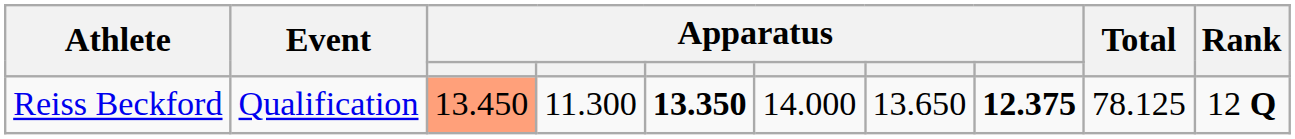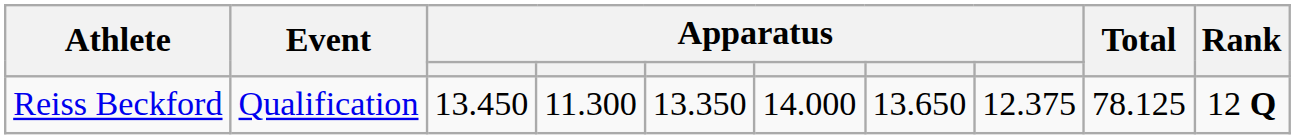 <table class="wikitable" style="font-size:90%">
 <tr>
 <th rowspan=2>Athlete</th>
 <th rowspan=2>Event</th>
 <th colspan=6>Apparatus</th>
 <th rowspan=2>Total</th>
 <th rowspan=2>Rank</th>
 </tr>
 <tr style="font-size:95%">
 <th></th>
 <th></th>
 <th></th>
 <th></th>
 <th></th>
 <th></th>
 </tr>
 <tr align=center>
 <td align=left><a href='#'>Reiss Beckford</a></td>
 <td align=left><a href='#'>Qualification</a></td>
-<td style="background: lightsalmon;">13.450</td>
+<td>13.450</td>
 <td>11.300</td>
-<td><strong>13.350</strong></td>
+<td>13.350</td>
 <td>14.000</td>
 <td>13.650</td>
-<td><strong>12.375</strong></td>
+<td>12.375</td>
 <td>78.125</td>
 <td>12 <strong>Q</strong></td>
 </tr>
 </table>
